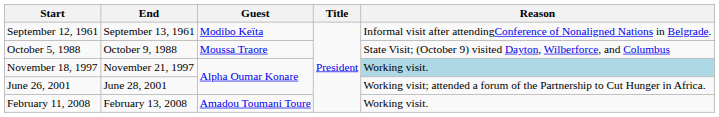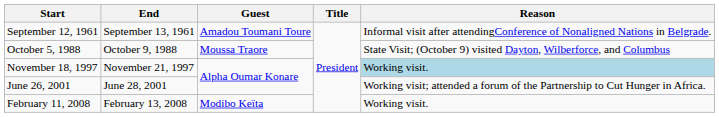 <table class="wikitable sortable">
 <tr>
 <th>Start</th>
 <th>End</th>
 <th>Guest</th>
 <th>Title</th>
 <th>Reason</th>
 </tr>
 <tr>
 <td>September 12, 1961</td>
 <td>September 13, 1961</td>
-<td><a href='#'>Modibo Keïta</a></td>
+<td><a href='#'>Amadou Toumani Toure</a></td>
 <td rowspan=5><a href='#'>President</a></td>
 <td>Informal visit after attending<a href='#'>Conference of Nonaligned Nations</a> in <a href='#'>Belgrade</a>.</td>
 </tr>
 <tr>
 <td>October 5, 1988</td>
 <td>October 9, 1988</td>
 <td><a href='#'>Moussa Traore</a></td>
 <td>State Visit; (October 9) visited <a href='#'>Dayton</a>, <a href='#'>Wilberforce</a>, and <a href='#'>Columbus</a></td>
 </tr>
 <tr>
 <td>November 18, 1997</td>
 <td>November 21, 1997</td>
 <td rowspan=2><a href='#'>Alpha Oumar Konare</a></td>
 <td style="background: lightblue;">Working visit.</td>
 </tr>
 <tr>
 <td>June 26, 2001</td>
 <td>June 28, 2001</td>
 <td>Working visit; attended a forum of the Partnership to Cut Hunger in Africa.</td>
 </tr>
 <tr>
 <td>February 11, 2008</td>
 <td>February 13, 2008</td>
-<td><a href='#'>Amadou Toumani Toure</a></td>
+<td><a href='#'>Modibo Keïta</a></td>
 <td>Working visit.</td>
 </tr>
 </table>
